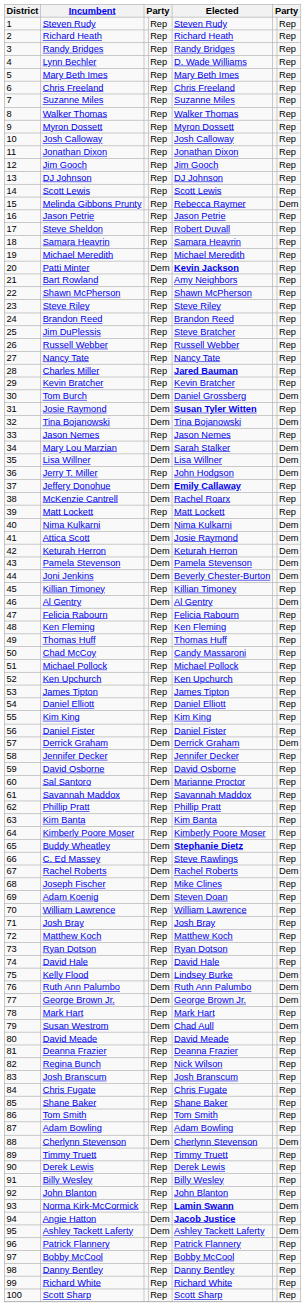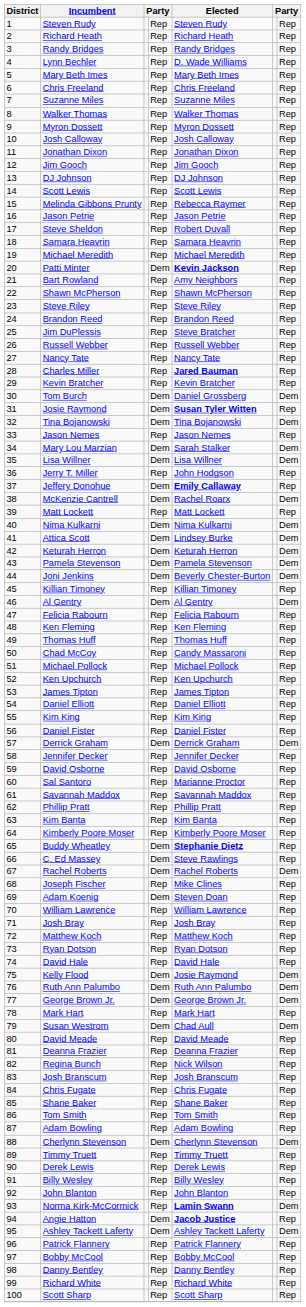 <table class="sortable wikitable" style="font-size:95%;line-height:14px;">
 <tr>
 <th class="unsortable">District</th>
 <th class="unsortable"><a href='#'>Incumbent</a></th>
 <th colspan="2">Party</th>
 <th class="unsortable">Elected</th>
 <th colspan="2">Party</th>
 </tr>
 <tr>
 <td>1</td>
 <td><a href='#'>Steven Rudy</a></td>
 <td style="background:"></td>
 <td>Rep</td>
 <td><a href='#'>Steven Rudy</a></td>
 <td style="background:"></td>
 <td>Rep</td>
 </tr>
 <tr>
 <td>2</td>
 <td><a href='#'>Richard Heath</a></td>
 <td style="background:"></td>
 <td>Rep</td>
 <td><a href='#'>Richard Heath</a></td>
 <td style="background:"></td>
 <td>Rep</td>
 </tr>
 <tr>
 <td>3</td>
 <td><a href='#'>Randy Bridges</a></td>
 <td style="background:"></td>
 <td>Rep</td>
 <td><a href='#'>Randy Bridges</a></td>
 <td style="background:"></td>
 <td>Rep</td>
 </tr>
 <tr>
 <td>4</td>
 <td><a href='#'>Lynn Bechler</a></td>
 <td style="background:"></td>
 <td>Rep</td>
 <td><a href='#'>D. Wade Williams</a></td>
 <td style="background:"></td>
 <td>Rep</td>
 </tr>
 <tr>
 <td>5</td>
 <td><a href='#'>Mary Beth Imes</a></td>
 <td style="background:"></td>
 <td>Rep</td>
 <td><a href='#'>Mary Beth Imes</a></td>
 <td style="background:"></td>
 <td>Rep</td>
 </tr>
 <tr>
 <td>6</td>
 <td><a href='#'>Chris Freeland</a></td>
 <td style="background:"></td>
 <td>Rep</td>
 <td><a href='#'>Chris Freeland</a></td>
 <td style="background:"></td>
 <td>Rep</td>
 </tr>
 <tr>
 <td>7</td>
 <td><a href='#'>Suzanne Miles</a></td>
 <td style="background:"></td>
 <td>Rep</td>
 <td><a href='#'>Suzanne Miles</a></td>
 <td style="background:"></td>
 <td>Rep</td>
 </tr>
 <tr>
 <td>8</td>
 <td><a href='#'>Walker Thomas</a></td>
 <td style="background:"></td>
 <td>Rep</td>
 <td><a href='#'>Walker Thomas</a></td>
 <td style="background:"></td>
 <td>Rep</td>
 </tr>
 <tr>
 <td>9</td>
 <td><a href='#'>Myron Dossett</a></td>
 <td style="background:"></td>
 <td>Rep</td>
 <td><a href='#'>Myron Dossett</a></td>
 <td style="background:"></td>
 <td>Rep</td>
 </tr>
 <tr>
 <td>10</td>
 <td><a href='#'>Josh Calloway</a></td>
 <td style="background:"></td>
 <td>Rep</td>
 <td><a href='#'>Josh Calloway</a></td>
 <td style="background:"></td>
 <td>Rep</td>
 </tr>
 <tr>
 <td>11</td>
 <td><a href='#'>Jonathan Dixon</a></td>
 <td style="background:"></td>
 <td>Rep</td>
 <td><a href='#'>Jonathan Dixon</a></td>
 <td style="background:"></td>
 <td>Rep</td>
 </tr>
 <tr>
 <td>12</td>
 <td><a href='#'>Jim Gooch</a></td>
 <td style="background:"></td>
 <td>Rep</td>
 <td><a href='#'>Jim Gooch</a></td>
 <td style="background:"></td>
 <td>Rep</td>
 </tr>
 <tr>
 <td>13</td>
 <td><a href='#'>DJ Johnson</a></td>
 <td style="background:"></td>
 <td>Rep</td>
 <td><a href='#'>DJ Johnson</a></td>
 <td style="background:"></td>
 <td>Rep</td>
 </tr>
 <tr>
 <td>14</td>
 <td><a href='#'>Scott Lewis</a></td>
 <td style="background:"></td>
 <td>Rep</td>
 <td><a href='#'>Scott Lewis</a></td>
 <td style="background:"></td>
 <td>Rep</td>
 </tr>
 <tr>
 <td>15</td>
 <td><a href='#'>Melinda Gibbons Prunty</a></td>
 <td style="background:"></td>
 <td>Rep</td>
 <td><a href='#'>Rebecca Raymer</a></td>
 <td style="background:"></td>
-<td>Dem</td>
+<td>Rep</td>
 </tr>
 <tr>
 <td>16</td>
 <td><a href='#'>Jason Petrie</a></td>
 <td style="background:"></td>
 <td>Rep</td>
 <td><a href='#'>Jason Petrie</a></td>
 <td style="background:"></td>
 <td>Rep</td>
 </tr>
 <tr>
 <td>17</td>
 <td><a href='#'>Steve Sheldon</a></td>
 <td style="background:"></td>
 <td>Rep</td>
 <td><a href='#'>Robert Duvall</a></td>
 <td style="background:"></td>
 <td>Rep</td>
 </tr>
 <tr>
 <td>18</td>
 <td><a href='#'>Samara Heavrin</a></td>
 <td style="background:"></td>
 <td>Rep</td>
 <td><a href='#'>Samara Heavrin</a></td>
 <td style="background:"></td>
 <td>Rep</td>
 </tr>
 <tr>
 <td>19</td>
 <td><a href='#'>Michael Meredith</a></td>
 <td style="background:"></td>
 <td>Rep</td>
 <td><a href='#'>Michael Meredith</a></td>
 <td style="background:"></td>
 <td>Rep</td>
 </tr>
 <tr>
 <td>20</td>
 <td><a href='#'>Patti Minter</a></td>
 <td style="background:"></td>
 <td>Dem</td>
 <td><strong><a href='#'>Kevin Jackson</a></strong></td>
 <td style="background:"></td>
 <td>Rep</td>
 </tr>
 <tr>
 <td>21</td>
 <td><a href='#'>Bart Rowland</a></td>
 <td style="background:"></td>
 <td>Rep</td>
 <td><a href='#'>Amy Neighbors</a></td>
 <td style="background:"></td>
 <td>Rep</td>
 </tr>
 <tr>
 <td>22</td>
 <td><a href='#'>Shawn McPherson</a></td>
 <td style="background:"></td>
 <td>Rep</td>
 <td><a href='#'>Shawn McPherson</a></td>
 <td style="background:"></td>
 <td>Rep</td>
 </tr>
 <tr>
 <td>23</td>
 <td><a href='#'>Steve Riley</a></td>
 <td style="background:"></td>
 <td>Rep</td>
 <td><a href='#'>Steve Riley</a></td>
 <td style="background:"></td>
 <td>Rep</td>
 </tr>
 <tr>
 <td>24</td>
 <td><a href='#'>Brandon Reed</a></td>
 <td style="background:"></td>
 <td>Rep</td>
 <td><a href='#'>Brandon Reed</a></td>
 <td style="background:"></td>
 <td>Rep</td>
 </tr>
 <tr>
 <td>25</td>
 <td><a href='#'>Jim DuPlessis</a></td>
 <td style="background:"></td>
 <td>Rep</td>
 <td><a href='#'>Steve Bratcher</a></td>
 <td style="background:"></td>
 <td>Rep</td>
 </tr>
 <tr>
 <td>26</td>
 <td><a href='#'>Russell Webber</a></td>
 <td style="background:"></td>
 <td>Rep</td>
 <td><a href='#'>Russell Webber</a></td>
 <td style="background:"></td>
 <td>Rep</td>
 </tr>
 <tr>
 <td>27</td>
 <td><a href='#'>Nancy Tate</a></td>
 <td style="background:"></td>
 <td>Rep</td>
 <td><a href='#'>Nancy Tate</a></td>
 <td style="background:"></td>
 <td>Rep</td>
 </tr>
 <tr>
 <td>28</td>
 <td><a href='#'>Charles Miller</a></td>
 <td style="background:"></td>
 <td>Rep</td>
 <td><strong><a href='#'>Jared Bauman</a></strong></td>
 <td style="background:"></td>
 <td>Rep</td>
 </tr>
 <tr>
 <td>29</td>
 <td><a href='#'>Kevin Bratcher</a></td>
 <td style="background:"></td>
 <td>Rep</td>
 <td><a href='#'>Kevin Bratcher</a></td>
 <td style="background:"></td>
 <td>Rep</td>
 </tr>
 <tr>
 <td>30</td>
 <td><a href='#'>Tom Burch</a></td>
 <td style="background:"></td>
 <td>Dem</td>
 <td><a href='#'>Daniel Grossberg</a></td>
 <td style="background:"></td>
 <td>Dem</td>
 </tr>
 <tr>
 <td>31</td>
 <td><a href='#'>Josie Raymond</a></td>
 <td style="background:"></td>
 <td>Dem</td>
 <td><strong><a href='#'>Susan Tyler Witten</a></strong></td>
 <td style="background:"></td>
 <td>Rep</td>
 </tr>
 <tr>
 <td>32</td>
 <td><a href='#'>Tina Bojanowski</a></td>
 <td style="background:"></td>
 <td>Dem</td>
 <td><a href='#'>Tina Bojanowski</a></td>
 <td style="background:"></td>
 <td>Dem</td>
 </tr>
 <tr>
 <td>33</td>
 <td><a href='#'>Jason Nemes</a></td>
 <td style="background:"></td>
 <td>Rep</td>
 <td><a href='#'>Jason Nemes</a></td>
 <td style="background:"></td>
 <td>Rep</td>
 </tr>
 <tr>
 <td>34</td>
 <td><a href='#'>Mary Lou Marzian</a></td>
 <td style="background:"></td>
 <td>Dem</td>
 <td><a href='#'>Sarah Stalker</a></td>
 <td style="background:"></td>
 <td>Dem</td>
 </tr>
 <tr>
 <td>35</td>
 <td><a href='#'>Lisa Willner</a></td>
 <td style="background:"></td>
 <td>Dem</td>
 <td><a href='#'>Lisa Willner</a></td>
 <td style="background:"></td>
 <td>Dem</td>
 </tr>
 <tr>
 <td>36</td>
 <td><a href='#'>Jerry T. Miller</a></td>
 <td style="background:"></td>
 <td>Rep</td>
 <td><a href='#'>John Hodgson</a></td>
 <td style="background:"></td>
-<td>Dem</td>
+<td>Rep</td>
 </tr>
 <tr>
 <td>37</td>
 <td><a href='#'>Jeffery Donohue</a></td>
 <td style="background:"></td>
 <td>Dem</td>
 <td><strong><a href='#'>Emily Callaway</a></strong></td>
 <td style="background:"></td>
 <td>Rep</td>
 </tr>
 <tr>
 <td>38</td>
 <td><a href='#'>McKenzie Cantrell</a></td>
 <td style="background:"></td>
 <td>Dem</td>
 <td><a href='#'>Rachel Roarx</a></td>
 <td style="background:"></td>
-<td>Rep</td>
+<td>Dem</td>
 </tr>
 <tr>
 <td>39</td>
 <td><a href='#'>Matt Lockett</a></td>
 <td style="background:"></td>
 <td>Rep</td>
 <td><a href='#'>Matt Lockett</a></td>
 <td style="background:"></td>
 <td>Rep</td>
 </tr>
 <tr>
 <td>40</td>
 <td><a href='#'>Nima Kulkarni</a></td>
 <td style="background:"></td>
 <td>Dem</td>
 <td><a href='#'>Nima Kulkarni</a></td>
 <td style="background:"></td>
 <td>Dem</td>
 </tr>
 <tr>
 <td>41</td>
 <td><a href='#'>Attica Scott</a></td>
 <td style="background:"></td>
 <td>Dem</td>
-<td><a href='#'>Josie Raymond</a></td>
+<td><a href='#'>Lindsey Burke</a></td>
 <td style="background:"></td>
 <td>Dem</td>
 </tr>
 <tr>
 <td>42</td>
 <td><a href='#'>Keturah Herron</a></td>
 <td style="background:"></td>
 <td>Dem</td>
 <td><a href='#'>Keturah Herron</a></td>
 <td style="background:"></td>
 <td>Dem</td>
 </tr>
 <tr>
 <td>43</td>
 <td><a href='#'>Pamela Stevenson</a></td>
 <td style="background:"></td>
 <td>Dem</td>
 <td><a href='#'>Pamela Stevenson</a></td>
 <td style="background:"></td>
 <td>Dem</td>
 </tr>
 <tr>
 <td>44</td>
 <td><a href='#'>Joni Jenkins</a></td>
 <td style="background:"></td>
 <td>Dem</td>
 <td><a href='#'>Beverly Chester-Burton</a></td>
 <td style="background:"></td>
 <td>Dem</td>
 </tr>
 <tr>
 <td>45</td>
 <td><a href='#'>Killian Timoney</a></td>
 <td style="background:"></td>
 <td>Rep</td>
 <td><a href='#'>Killian Timoney</a></td>
 <td style="background:"></td>
 <td>Rep</td>
 </tr>
 <tr>
 <td>46</td>
 <td><a href='#'>Al Gentry</a></td>
 <td style="background:"></td>
 <td>Dem</td>
 <td><a href='#'>Al Gentry</a></td>
 <td style="background:"></td>
 <td>Dem</td>
 </tr>
 <tr>
 <td>47</td>
 <td><a href='#'>Felicia Rabourn</a></td>
 <td style="background:"></td>
 <td>Rep</td>
 <td><a href='#'>Felicia Rabourn</a></td>
 <td style="background:"></td>
 <td>Rep</td>
 </tr>
 <tr>
 <td>48</td>
 <td><a href='#'>Ken Fleming</a></td>
 <td style="background:"></td>
 <td>Rep</td>
 <td><a href='#'>Ken Fleming</a></td>
 <td style="background:"></td>
 <td>Rep</td>
 </tr>
 <tr>
 <td>49</td>
 <td><a href='#'>Thomas Huff</a></td>
 <td style="background:"></td>
 <td>Rep</td>
 <td><a href='#'>Thomas Huff</a></td>
 <td style="background:"></td>
 <td>Rep</td>
 </tr>
 <tr>
 <td>50</td>
 <td><a href='#'>Chad McCoy</a></td>
 <td style="background:"></td>
 <td>Rep</td>
 <td><a href='#'>Candy Massaroni</a></td>
 <td style="background:"></td>
 <td>Rep</td>
 </tr>
 <tr>
 <td>51</td>
 <td><a href='#'>Michael Pollock</a></td>
 <td style="background:"></td>
 <td>Rep</td>
 <td><a href='#'>Michael Pollock</a></td>
 <td style="background:"></td>
 <td>Rep</td>
 </tr>
 <tr>
 <td>52</td>
 <td><a href='#'>Ken Upchurch</a></td>
 <td style="background:"></td>
 <td>Rep</td>
 <td><a href='#'>Ken Upchurch</a></td>
 <td style="background:"></td>
 <td>Rep</td>
 </tr>
 <tr>
 <td>53</td>
 <td><a href='#'>James Tipton</a></td>
 <td style="background:"></td>
 <td>Rep</td>
 <td><a href='#'>James Tipton</a></td>
 <td style="background:"></td>
 <td>Rep</td>
 </tr>
 <tr>
 <td>54</td>
 <td><a href='#'>Daniel Elliott</a></td>
 <td style="background:"></td>
 <td>Rep</td>
 <td><a href='#'>Daniel Elliott</a></td>
 <td style="background:"></td>
 <td>Rep</td>
 </tr>
 <tr>
 <td>55</td>
 <td><a href='#'>Kim King</a></td>
 <td style="background:"></td>
 <td>Rep</td>
 <td><a href='#'>Kim King</a></td>
 <td style="background:"></td>
 <td>Rep</td>
 </tr>
 <tr>
 <td>56</td>
 <td><a href='#'>Daniel Fister</a></td>
 <td style="background:"></td>
 <td>Rep</td>
 <td><a href='#'>Daniel Fister</a></td>
 <td style="background:"></td>
 <td>Rep</td>
 </tr>
 <tr>
 <td>57</td>
 <td><a href='#'>Derrick Graham</a></td>
 <td style="background:"></td>
 <td>Dem</td>
 <td><a href='#'>Derrick Graham</a></td>
 <td style="background:"></td>
 <td>Dem</td>
 </tr>
 <tr>
 <td>58</td>
 <td><a href='#'>Jennifer Decker</a></td>
 <td style="background:"></td>
 <td>Rep</td>
 <td><a href='#'>Jennifer Decker</a></td>
 <td style="background:"></td>
 <td>Rep</td>
 </tr>
 <tr>
 <td>59</td>
 <td><a href='#'>David Osborne</a></td>
 <td style="background:"></td>
 <td>Rep</td>
 <td><a href='#'>David Osborne</a></td>
 <td style="background:"></td>
 <td>Rep</td>
 </tr>
 <tr>
 <td>60</td>
 <td><a href='#'>Sal Santoro</a></td>
 <td style="background:"></td>
-<td>Dem</td>
+<td>Rep</td>
 <td><a href='#'>Marianne Proctor</a></td>
 <td style="background:"></td>
 <td>Rep</td>
 </tr>
 <tr>
 <td>61</td>
 <td><a href='#'>Savannah Maddox</a></td>
 <td style="background:"></td>
 <td>Rep</td>
 <td><a href='#'>Savannah Maddox</a></td>
 <td style="background:"></td>
 <td>Rep</td>
 </tr>
 <tr>
 <td>62</td>
 <td><a href='#'>Phillip Pratt</a></td>
 <td style="background:"></td>
 <td>Rep</td>
 <td><a href='#'>Phillip Pratt</a></td>
 <td style="background:"></td>
 <td>Rep</td>
 </tr>
 <tr>
 <td>63</td>
 <td><a href='#'>Kim Banta</a></td>
 <td style="background:"></td>
 <td>Rep</td>
 <td><a href='#'>Kim Banta</a></td>
 <td style="background:"></td>
 <td>Rep</td>
 </tr>
 <tr>
 <td>64</td>
 <td><a href='#'>Kimberly Poore Moser</a></td>
 <td style="background:"></td>
 <td>Rep</td>
 <td><a href='#'>Kimberly Poore Moser</a></td>
 <td style="background:"></td>
 <td>Rep</td>
 </tr>
 <tr>
 <td>65</td>
 <td><a href='#'>Buddy Wheatley</a></td>
 <td style="background:"></td>
 <td>Dem</td>
 <td><strong><a href='#'>Stephanie Dietz</a></strong></td>
 <td style="background:"></td>
 <td>Rep</td>
 </tr>
 <tr>
 <td>66</td>
 <td><a href='#'>C. Ed Massey</a></td>
 <td style="background:"></td>
-<td>Rep</td>
+<td>Dem</td>
 <td><a href='#'>Steve Rawlings</a></td>
 <td style="background:"></td>
 <td>Rep</td>
 </tr>
 <tr>
 <td>67</td>
 <td><a href='#'>Rachel Roberts</a></td>
 <td style="background:"></td>
 <td>Dem</td>
 <td><a href='#'>Rachel Roberts</a></td>
 <td style="background:"></td>
 <td>Dem</td>
 </tr>
 <tr>
 <td>68</td>
 <td><a href='#'>Joseph Fischer</a></td>
 <td style="background:"></td>
 <td>Rep</td>
 <td><a href='#'>Mike Clines</a></td>
 <td style="background:"></td>
 <td>Rep</td>
 </tr>
 <tr>
 <td>69</td>
 <td><a href='#'>Adam Koenig</a></td>
 <td style="background:"></td>
 <td>Dem</td>
 <td><a href='#'>Steven Doan</a></td>
 <td style="background:"></td>
 <td>Rep</td>
 </tr>
 <tr>
 <td>70</td>
 <td><a href='#'>William Lawrence</a></td>
 <td style="background:"></td>
 <td>Rep</td>
 <td><a href='#'>William Lawrence</a></td>
 <td style="background:"></td>
 <td>Rep</td>
 </tr>
 <tr>
 <td>71</td>
 <td><a href='#'>Josh Bray</a></td>
 <td style="background:"></td>
 <td>Rep</td>
 <td><a href='#'>Josh Bray</a></td>
 <td style="background:"></td>
 <td>Rep</td>
 </tr>
 <tr>
 <td>72</td>
 <td><a href='#'>Matthew Koch</a></td>
 <td style="background:"></td>
 <td>Rep</td>
 <td><a href='#'>Matthew Koch</a></td>
 <td style="background:"></td>
 <td>Rep</td>
 </tr>
 <tr>
 <td>73</td>
 <td><a href='#'>Ryan Dotson</a></td>
 <td style="background:"></td>
 <td>Rep</td>
 <td><a href='#'>Ryan Dotson</a></td>
 <td style="background:"></td>
 <td>Rep</td>
 </tr>
 <tr>
 <td>74</td>
 <td><a href='#'>David Hale</a></td>
 <td style="background:"></td>
 <td>Rep</td>
 <td><a href='#'>David Hale</a></td>
 <td style="background:"></td>
 <td>Rep</td>
 </tr>
 <tr>
 <td>75</td>
 <td><a href='#'>Kelly Flood</a></td>
 <td style="background:"></td>
 <td>Dem</td>
-<td><a href='#'>Lindsey Burke</a></td>
+<td><a href='#'>Josie Raymond</a></td>
 <td style="background:"></td>
 <td>Dem</td>
 </tr>
 <tr>
 <td>76</td>
 <td><a href='#'>Ruth Ann Palumbo</a></td>
 <td style="background:"></td>
 <td>Dem</td>
 <td><a href='#'>Ruth Ann Palumbo</a></td>
 <td style="background:"></td>
 <td>Dem</td>
 </tr>
 <tr>
 <td>77</td>
 <td><a href='#'>George Brown Jr.</a></td>
 <td style="background:"></td>
 <td>Dem</td>
 <td><a href='#'>George Brown Jr.</a></td>
 <td style="background:"></td>
 <td>Dem</td>
 </tr>
 <tr>
 <td>78</td>
 <td><a href='#'>Mark Hart</a></td>
 <td style="background:"></td>
 <td>Rep</td>
 <td><a href='#'>Mark Hart</a></td>
 <td style="background:"></td>
 <td>Rep</td>
 </tr>
 <tr>
 <td>79</td>
 <td><a href='#'>Susan Westrom</a></td>
 <td style="background:"></td>
 <td>Dem</td>
 <td><a href='#'>Chad Aull</a></td>
 <td style="background:"></td>
 <td>Dem</td>
 </tr>
 <tr>
 <td>80</td>
 <td><a href='#'>David Meade</a></td>
 <td style="background:"></td>
 <td>Rep</td>
 <td><a href='#'>David Meade</a></td>
 <td style="background:"></td>
 <td>Rep</td>
 </tr>
 <tr>
 <td>81</td>
 <td><a href='#'>Deanna Frazier</a></td>
 <td style="background:"></td>
 <td>Rep</td>
 <td><a href='#'>Deanna Frazier</a></td>
 <td style="background:"></td>
 <td>Rep</td>
 </tr>
 <tr>
 <td>82</td>
 <td><a href='#'>Regina Bunch</a></td>
 <td style="background:"></td>
 <td>Rep</td>
 <td><a href='#'>Nick Wilson</a></td>
 <td style="background:"></td>
 <td>Rep</td>
 </tr>
 <tr>
 <td>83</td>
 <td><a href='#'>Josh Branscum</a></td>
 <td style="background:"></td>
 <td>Rep</td>
 <td><a href='#'>Josh Branscum</a></td>
 <td style="background:"></td>
 <td>Rep</td>
 </tr>
 <tr>
 <td>84</td>
 <td><a href='#'>Chris Fugate</a></td>
 <td style="background:"></td>
 <td>Rep</td>
 <td><a href='#'>Chris Fugate</a></td>
 <td style="background:"></td>
 <td>Rep</td>
 </tr>
 <tr>
 <td>85</td>
 <td><a href='#'>Shane Baker</a></td>
 <td style="background:"></td>
 <td>Rep</td>
 <td><a href='#'>Shane Baker</a></td>
 <td style="background:"></td>
 <td>Rep</td>
 </tr>
 <tr>
 <td>86</td>
 <td><a href='#'>Tom Smith</a></td>
 <td style="background:"></td>
 <td>Rep</td>
 <td><a href='#'>Tom Smith</a></td>
 <td style="background:"></td>
 <td>Rep</td>
 </tr>
 <tr>
 <td>87</td>
 <td><a href='#'>Adam Bowling</a></td>
 <td style="background:"></td>
 <td>Rep</td>
 <td><a href='#'>Adam Bowling</a></td>
 <td style="background:"></td>
 <td>Rep</td>
 </tr>
 <tr>
 <td>88</td>
 <td><a href='#'>Cherlynn Stevenson</a></td>
 <td style="background:"></td>
 <td>Dem</td>
 <td><a href='#'>Cherlynn Stevenson</a></td>
 <td style="background:"></td>
 <td>Dem</td>
 </tr>
 <tr>
 <td>89</td>
 <td><a href='#'>Timmy Truett</a></td>
 <td style="background:"></td>
 <td>Rep</td>
 <td><a href='#'>Timmy Truett</a></td>
 <td style="background:"></td>
 <td>Rep</td>
 </tr>
 <tr>
 <td>90</td>
 <td><a href='#'>Derek Lewis</a></td>
 <td style="background:"></td>
 <td>Rep</td>
 <td><a href='#'>Derek Lewis</a></td>
 <td style="background:"></td>
 <td>Rep</td>
 </tr>
 <tr>
 <td>91</td>
 <td><a href='#'>Billy Wesley</a></td>
 <td style="background:"></td>
 <td>Rep</td>
 <td><a href='#'>Billy Wesley</a></td>
 <td style="background:"></td>
 <td>Rep</td>
 </tr>
 <tr>
 <td>92</td>
 <td><a href='#'>John Blanton</a></td>
 <td style="background:"></td>
 <td>Rep</td>
 <td><a href='#'>John Blanton</a></td>
 <td style="background:"></td>
 <td>Rep</td>
 </tr>
 <tr>
 <td>93</td>
 <td><a href='#'>Norma Kirk-McCormick</a></td>
 <td style="background:"></td>
 <td>Rep</td>
 <td><strong><a href='#'>Lamin Swann</a></strong></td>
 <td style="background:"></td>
 <td>Dem</td>
 </tr>
 <tr>
 <td>94</td>
 <td><a href='#'>Angie Hatton</a></td>
 <td style="background:"></td>
 <td>Dem</td>
 <td><strong><a href='#'>Jacob Justice</a></strong></td>
 <td style="background:"></td>
 <td>Rep</td>
 </tr>
 <tr>
 <td>95</td>
 <td><a href='#'>Ashley Tackett Laferty</a></td>
 <td style="background:"></td>
 <td>Dem</td>
 <td><a href='#'>Ashley Tackett Laferty</a></td>
 <td style="background:"></td>
 <td>Dem</td>
 </tr>
 <tr>
 <td>96</td>
 <td><a href='#'>Patrick Flannery</a></td>
 <td style="background:"></td>
 <td>Rep</td>
 <td><a href='#'>Patrick Flannery</a></td>
 <td style="background:"></td>
 <td>Rep</td>
 </tr>
 <tr>
 <td>97</td>
 <td><a href='#'>Bobby McCool</a></td>
 <td style="background:"></td>
 <td>Rep</td>
 <td><a href='#'>Bobby McCool</a></td>
 <td style="background:"></td>
 <td>Rep</td>
 </tr>
 <tr>
 <td>98</td>
 <td><a href='#'>Danny Bentley</a></td>
 <td style="background:"></td>
 <td>Rep</td>
 <td><a href='#'>Danny Bentley</a></td>
 <td style="background:"></td>
 <td>Rep</td>
 </tr>
 <tr>
 <td>99</td>
 <td><a href='#'>Richard White</a></td>
 <td style="background:"></td>
 <td>Rep</td>
 <td><a href='#'>Richard White</a></td>
 <td style="background:"></td>
 <td>Rep</td>
 </tr>
 <tr>
 <td>100</td>
 <td><a href='#'>Scott Sharp</a></td>
 <td style="background:"></td>
 <td>Rep</td>
 <td><a href='#'>Scott Sharp</a></td>
 <td style="background:"></td>
 <td>Rep</td>
 </tr>
 <tr>
 </tr>
 </table>
